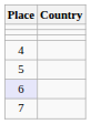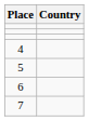 <table class="wikitable" style="font-size:95%;">
 <tr>
 <th>Place</th>
 <th>Country</th>
 </tr>
 <tr>
 <td align="center"></td>
 <td></td>
 </tr>
 <tr>
 <td align="center"></td>
 <td></td>
 </tr>
 <tr>
 <td align="center"></td>
 <td></td>
 </tr>
 <tr>
 <td align="center">4</td>
 <td></td>
 </tr>
 <tr>
 <td align="center">5</td>
 <td></td>
 </tr>
 <tr>
-<td align="center" style="background: lavender;">6</td>
+<td align="center">6</td>
 <td></td>
 </tr>
 <tr>
 <td align="center">7</td>
 <td></td>
 </tr>
 </table>
